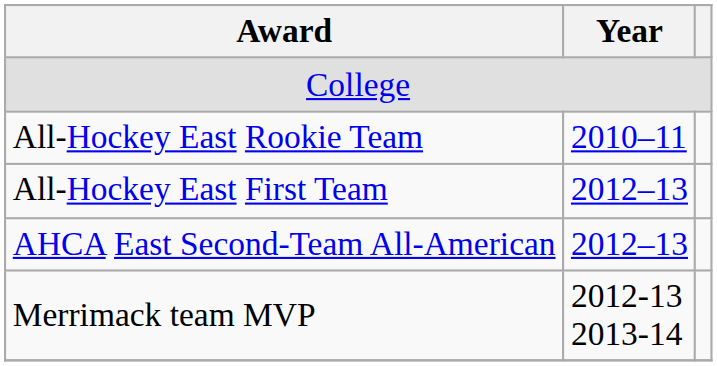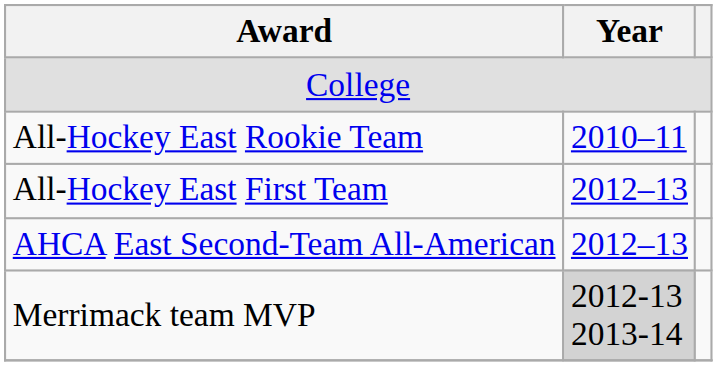 <table class="wikitable">
 <tr>
 <th>Award</th>
 <th>Year</th>
 <th></th>
 </tr>
 <tr ALIGN="center" bgcolor="#e0e0e0">
 <td colspan="3"><a href='#'>College</a></td>
 </tr>
 <tr>
 <td>All-<a href='#'>Hockey East</a> <a href='#'>Rookie Team</a></td>
 <td><a href='#'>2010–11</a></td>
 <td></td>
 </tr>
 <tr>
 <td>All-<a href='#'>Hockey East</a> <a href='#'>First Team</a></td>
 <td><a href='#'>2012–13</a></td>
 <td></td>
 </tr>
 <tr>
 <td><a href='#'>AHCA</a> <a href='#'>East Second-Team All-American</a></td>
 <td><a href='#'>2012–13</a></td>
 <td></td>
 </tr>
 <tr>
 <td>Merrimack team MVP</td>
-<td>2012-13<br>2013-14</td>
+<td style="background: lightgrey;">2012-13<br>2013-14</td>
 <td></td>
 </tr>
 <tr>
 </tr>
 </table>
